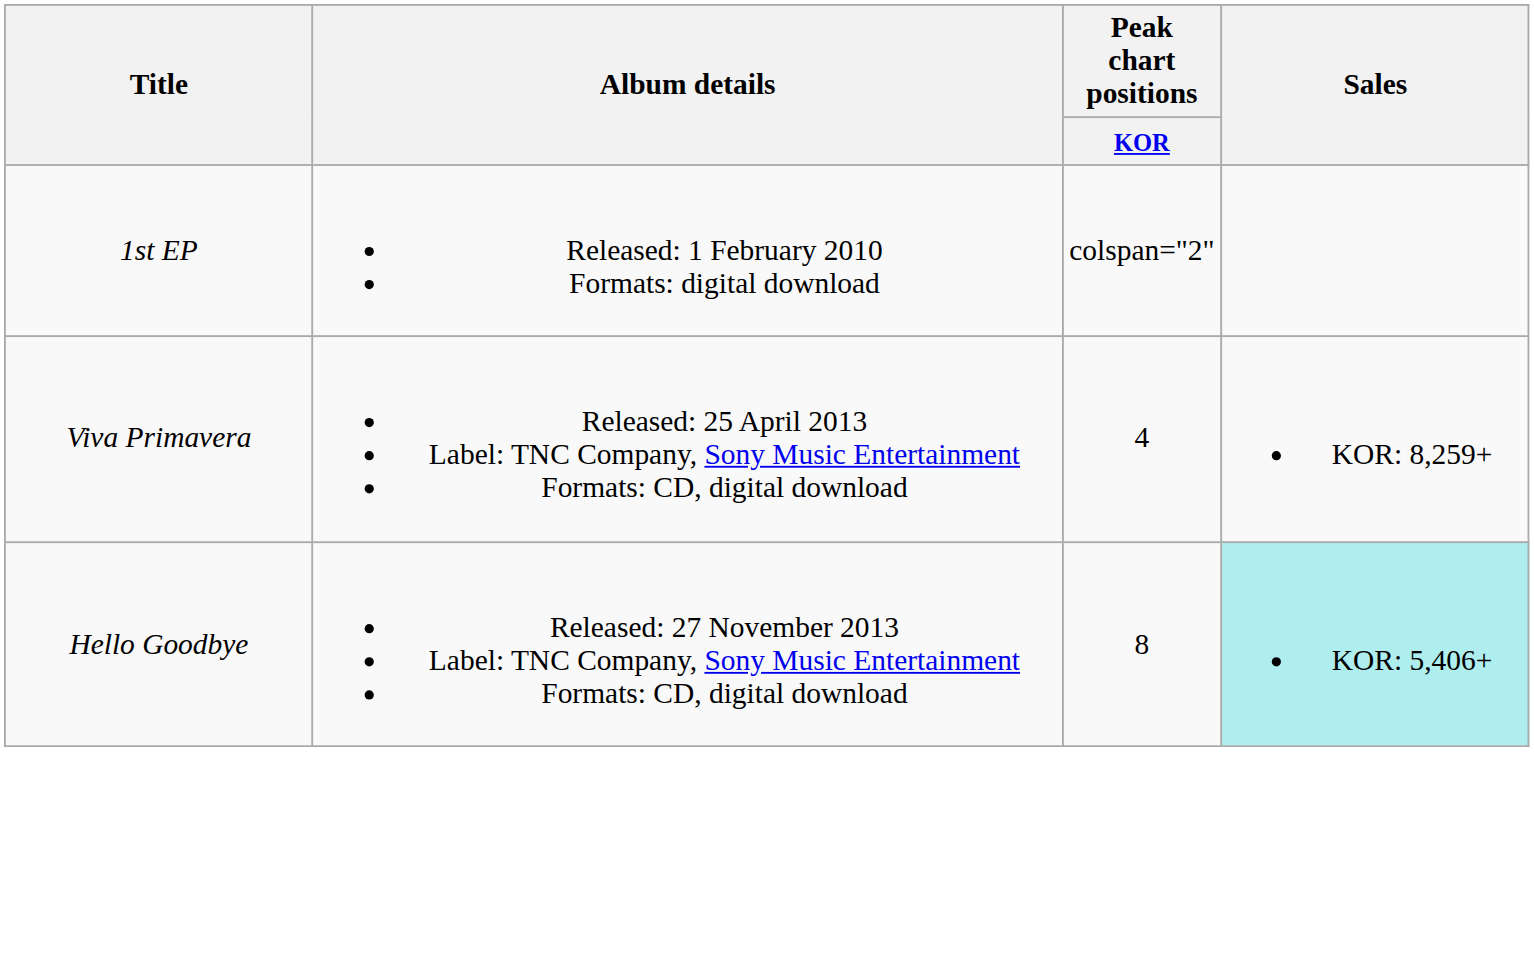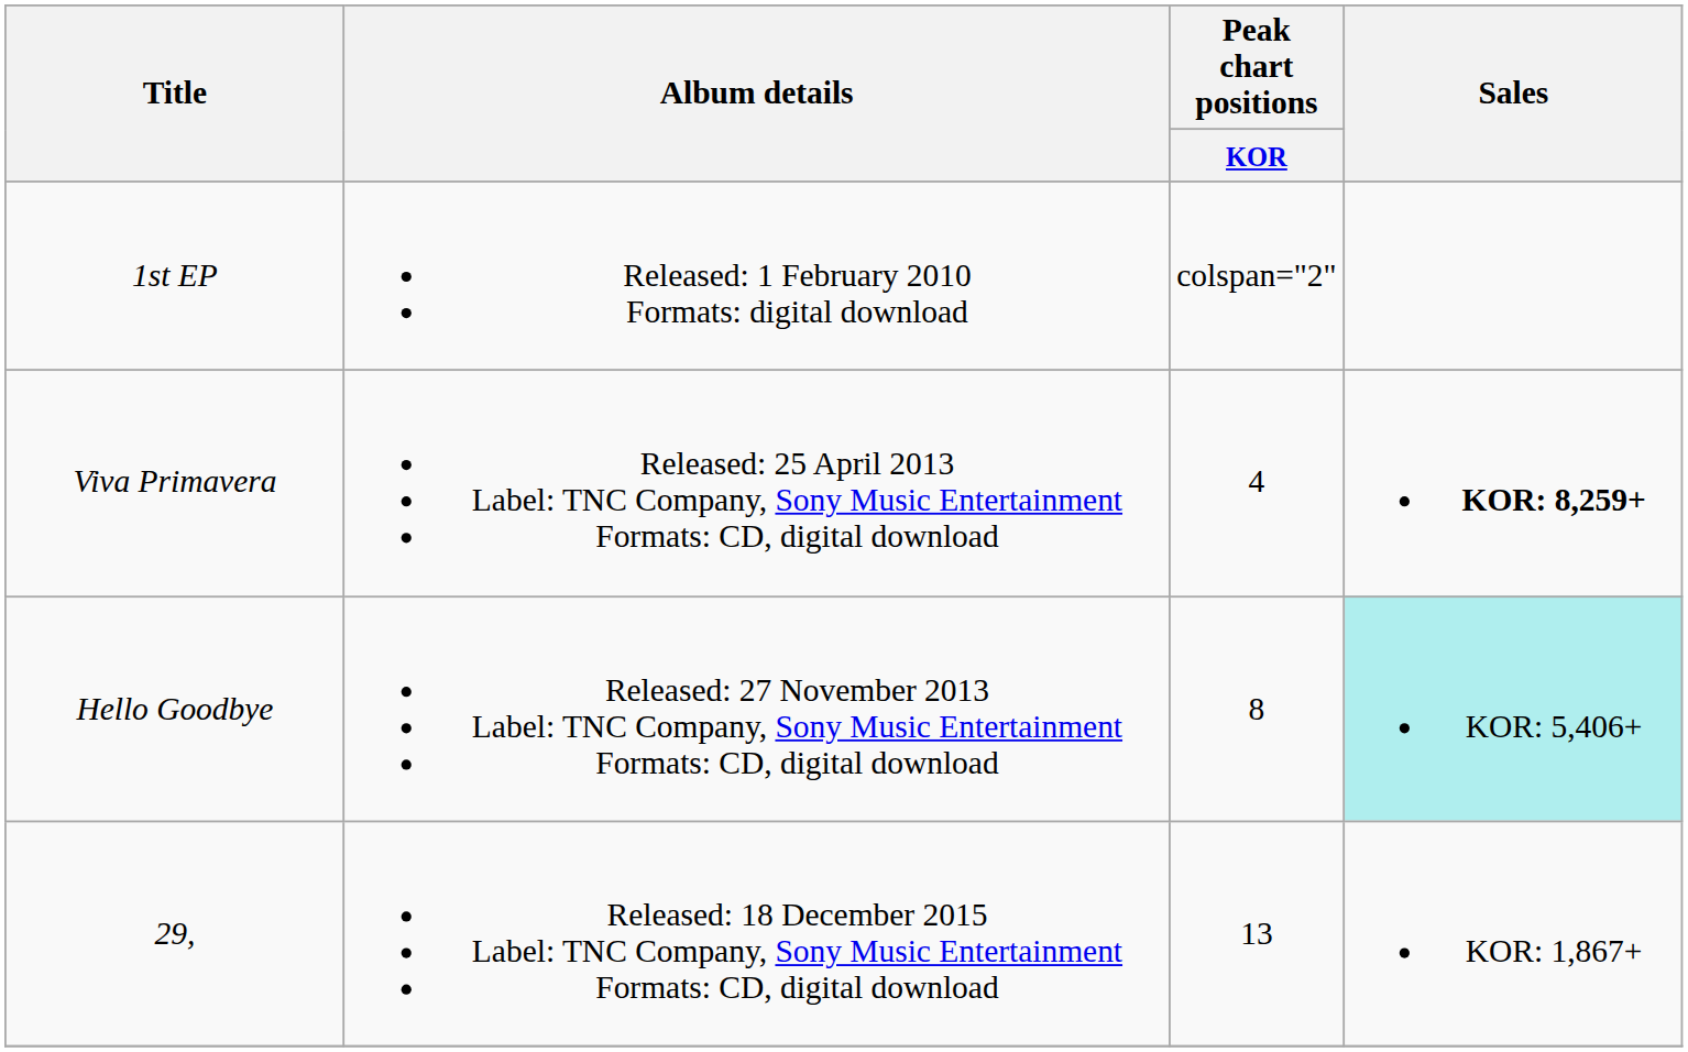 <table class="wikitable plainrowheaders" style="text-align:center;">
 <tr>
 <th scope="col" rowspan="2" style="width:10em;">Title</th>
 <th scope="col" rowspan="2" style="width:25em;">Album details</th>
 <th scope="col" colspan="1">Peak <br> chart <br> positions</th>
 <th scope="col" rowspan="2" style="width:10em;">Sales</th>
 </tr>
 <tr>
 <th><small><a href='#'>KOR</a></small><br></th>
 </tr>
 <tr>
 <td><em>1st EP</em></td>
 <td><br><ul><li>Released: 1 February 2010</li><li>Formats: digital download</li></ul></td>
 <td>colspan="2" </td>
 </tr>
 <tr>
 <td><em>Viva Primavera</em></td>
 <td><br><ul><li>Released: 25 April 2013</li><li>Label: TNC Company, <a href='#'>Sony Music Entertainment</a></li><li>Formats: CD, digital download</li></ul></td>
 <td>4</td>
-<td><br><ul><li>KOR: 8,259+</li></ul></td>
+<td><strong><br><ul><li>KOR: 8,259+</li></ul></strong></td>
 </tr>
 <tr>
 <td><em>Hello Goodbye</em></td>
 <td><br><ul><li>Released: 27 November 2013</li><li>Label: TNC Company, <a href='#'>Sony Music Entertainment</a></li><li>Formats: CD, digital download</li></ul></td>
 <td>8</td>
 <td style="background: paleturquoise;"><br><ul><li>KOR: 5,406+</li></ul></td>
 </tr>
 <tr>
+<td><em>29,</em></td>
+<td><br><ul><li>Released: 18 December 2015</li><li>Label: TNC Company, <a href='#'>Sony Music Entertainment</a></li><li>Formats: CD, digital download</li></ul></td>
+<td>13</td>
+<td><br><ul><li>KOR: 1,867+</li></ul></td>
+</tr>
+<tr>
 </tr>
 </table>
